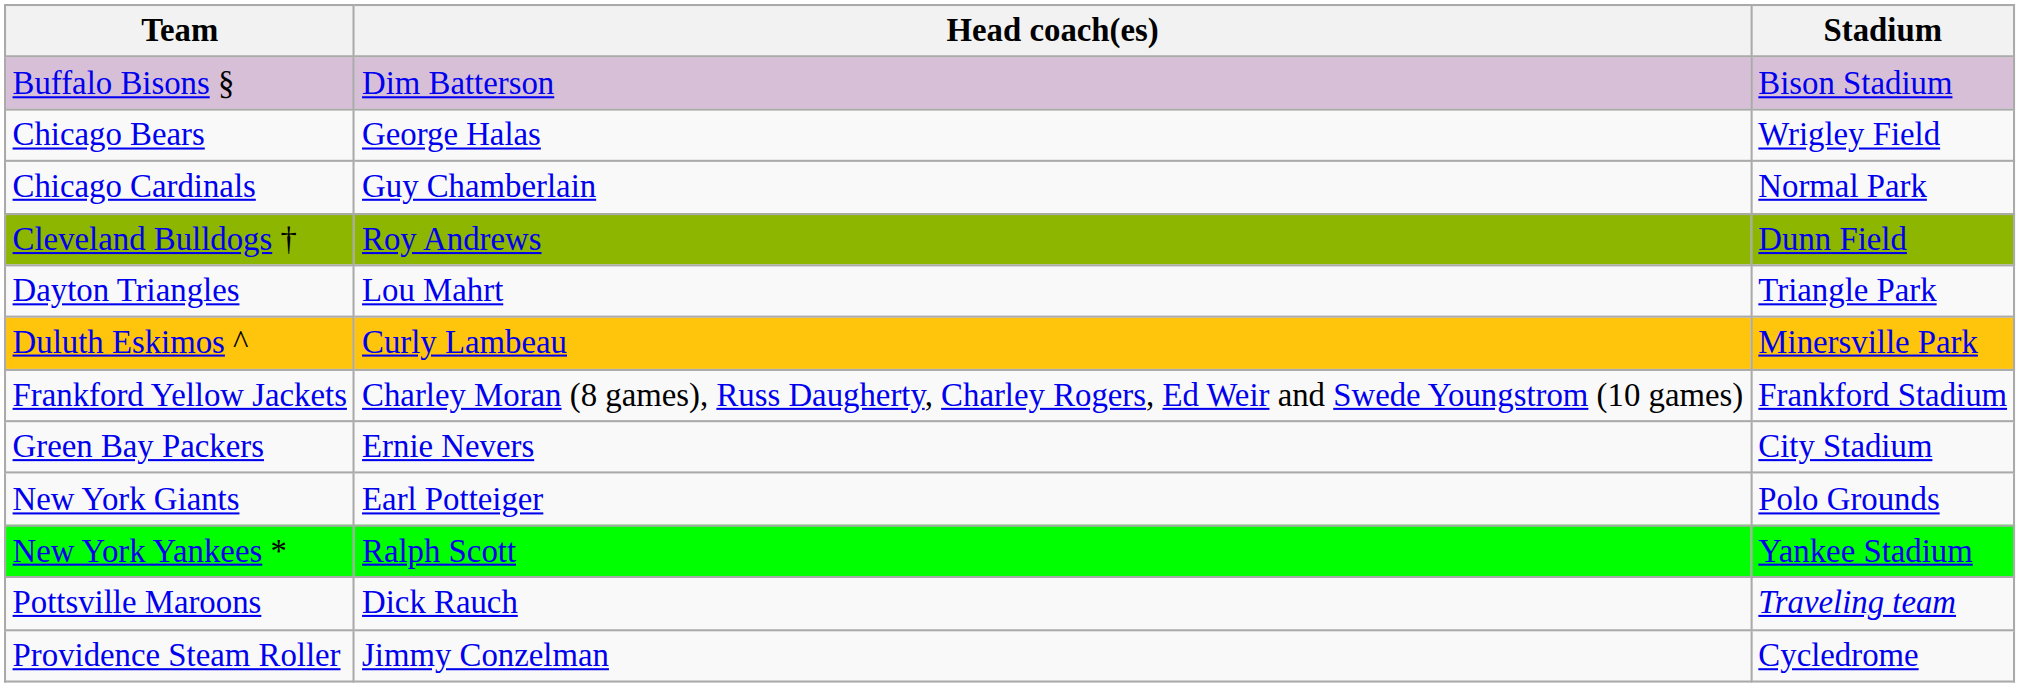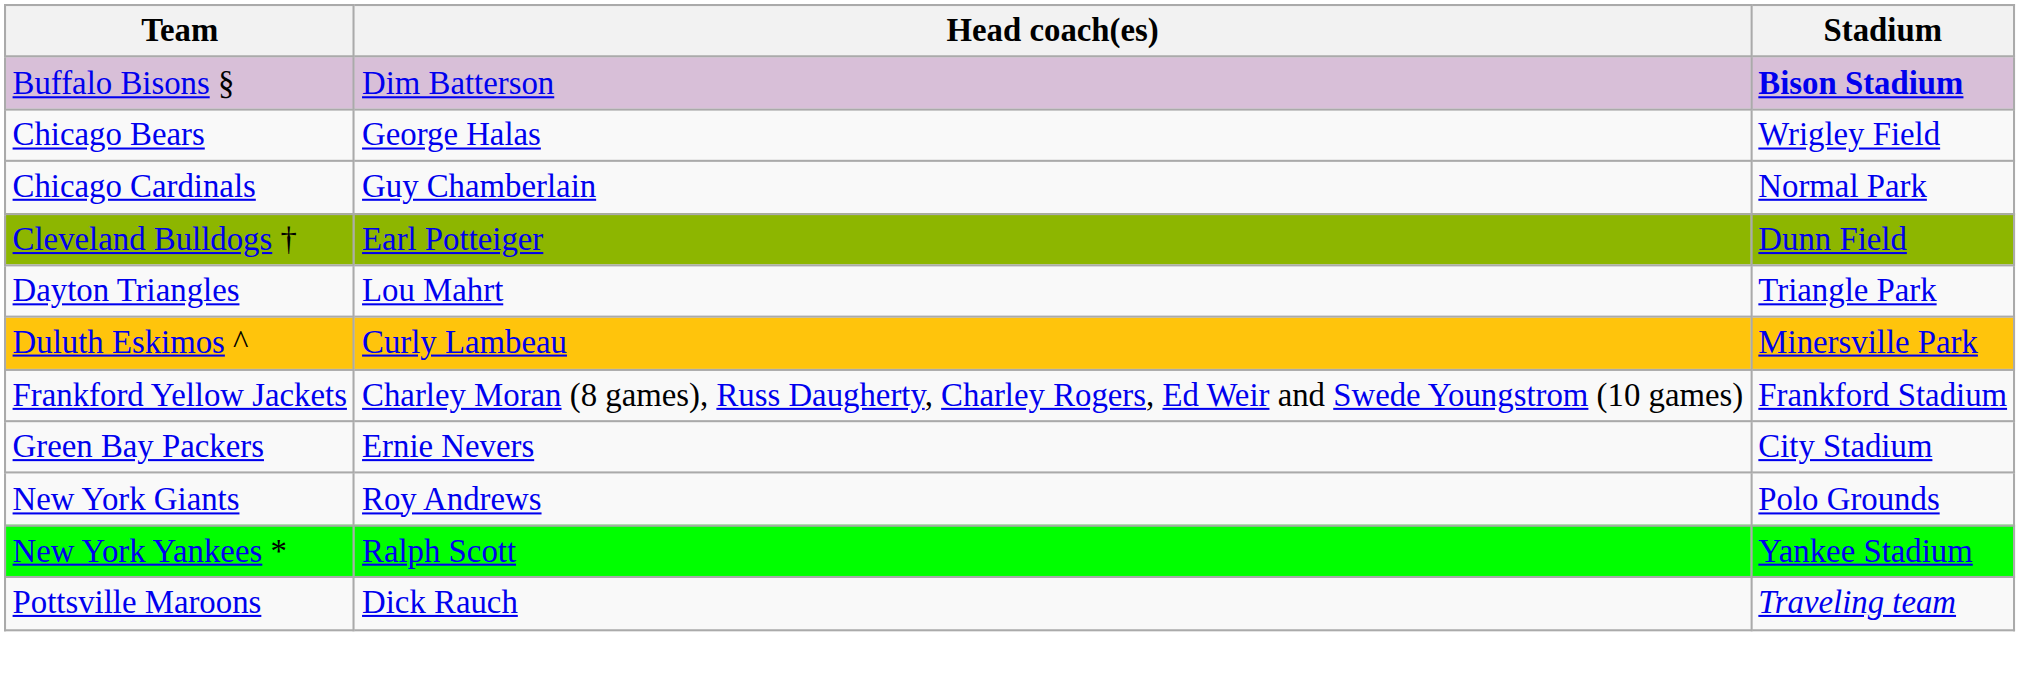 <table class="wikitable">
 <tr>
 <th>Team</th>
 <th>Head coach(es)</th>
 <th>Stadium</th>
 </tr>
 <tr style="background-color:#D8BFD8;">
 <td><a href='#'>Buffalo Bisons</a> §</td>
 <td><a href='#'>Dim Batterson</a></td>
-<td><a href='#'>Bison Stadium</a></td>
+<td><strong><a href='#'>Bison Stadium</a></strong></td>
 </tr>
 <tr>
 <td><a href='#'>Chicago Bears</a></td>
 <td><a href='#'>George Halas</a></td>
 <td><a href='#'>Wrigley Field</a></td>
 </tr>
 <tr>
 <td><a href='#'>Chicago Cardinals</a></td>
 <td><a href='#'>Guy Chamberlain</a></td>
 <td><a href='#'>Normal Park</a></td>
 </tr>
 <tr style="background-color:#8DB600;">
 <td><a href='#'>Cleveland Bulldogs</a> †</td>
-<td><a href='#'>Roy Andrews</a></td>
+<td><a href='#'>Earl Potteiger</a></td>
 <td><a href='#'>Dunn Field</a></td>
 </tr>
 <tr>
 <td><a href='#'>Dayton Triangles</a></td>
 <td><a href='#'>Lou Mahrt</a></td>
 <td><a href='#'>Triangle Park</a></td>
 </tr>
 <tr style="background-color:#FFC40C;">
 <td><a href='#'>Duluth Eskimos</a> ^</td>
 <td><a href='#'>Curly Lambeau</a></td>
 <td><a href='#'>Minersville Park</a></td>
 </tr>
 <tr>
 <td><a href='#'>Frankford Yellow Jackets</a></td>
 <td><a href='#'>Charley Moran</a> (8 games), <a href='#'>Russ Daugherty</a>, <a href='#'>Charley Rogers</a>, <a href='#'>Ed Weir</a> and <a href='#'>Swede Youngstrom</a> (10 games)</td>
 <td><a href='#'>Frankford Stadium</a></td>
 </tr>
 <tr>
 <td><a href='#'>Green Bay Packers</a></td>
 <td><a href='#'>Ernie Nevers</a></td>
 <td><a href='#'>City Stadium</a></td>
 </tr>
 <tr>
 <td><a href='#'>New York Giants</a></td>
-<td><a href='#'>Earl Potteiger</a></td>
+<td><a href='#'>Roy Andrews</a></td>
 <td><a href='#'>Polo Grounds</a></td>
 </tr>
 <tr style="background-color:#00FF00;">
 <td><a href='#'>New York Yankees</a> *</td>
 <td><a href='#'>Ralph Scott</a></td>
 <td><a href='#'>Yankee Stadium</a></td>
 </tr>
 <tr>
 <td><a href='#'>Pottsville Maroons</a></td>
 <td><a href='#'>Dick Rauch</a></td>
 <td><em><a href='#'>Traveling team</a></em></td>
 </tr>
-<tr>
-<td><a href='#'>Providence Steam Roller</a></td>
-<td><a href='#'>Jimmy Conzelman</a></td>
-<td><a href='#'>Cycledrome</a></td>
-</tr>
 </table>
